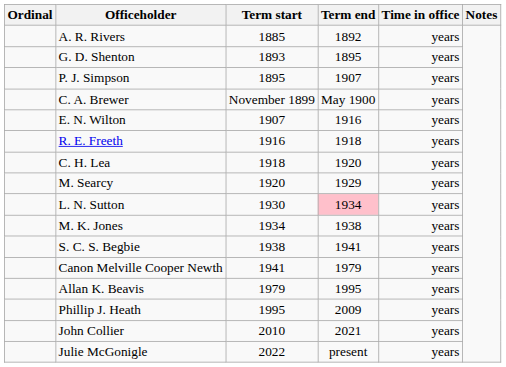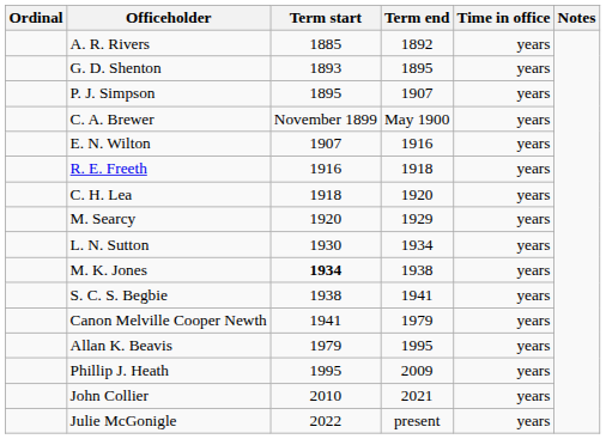 <table class="wikitable sortable">
 <tr>
 <th>Ordinal</th>
 <th>Officeholder</th>
 <th>Term start</th>
 <th>Term end</th>
 <th>Time in office</th>
 <th>Notes</th>
 </tr>
 <tr>
 <td align=center></td>
 <td>A. R. Rivers</td>
 <td align=center>1885</td>
 <td align=center>1892</td>
 <td align=right> years</td>
 <td rowspan="22"></td>
 </tr>
 <tr>
 <td align=center></td>
 <td>G. D. Shenton</td>
 <td align=center>1893</td>
 <td align=center>1895</td>
 <td align=right> years</td>
 </tr>
 <tr>
 <td align=center></td>
 <td>P. J. Simpson</td>
 <td align=center>1895</td>
 <td align=center>1907</td>
 <td align=right> years</td>
 </tr>
 <tr>
 <td align=center></td>
 <td>C. A. Brewer</td>
 <td align=center>November 1899</td>
 <td align=center>May 1900</td>
 <td align=right> years</td>
 </tr>
 <tr>
 <td align=center></td>
 <td>E. N. Wilton</td>
 <td align=center>1907</td>
 <td align=center>1916</td>
 <td align=right> years</td>
 </tr>
 <tr>
 <td align=center></td>
 <td><a href='#'>R. E. Freeth</a></td>
 <td align=center>1916</td>
 <td align=center>1918</td>
 <td align=right> years</td>
 </tr>
 <tr>
 <td align=center></td>
 <td>C. H. Lea</td>
 <td align=center>1918</td>
 <td align=center>1920</td>
 <td align=right> years</td>
 </tr>
 <tr>
 <td align=center></td>
 <td>M. Searcy</td>
 <td align=center>1920</td>
 <td align=center>1929</td>
 <td align=right> years</td>
 </tr>
 <tr>
 <td align=center></td>
 <td>L. N. Sutton</td>
 <td align=center>1930</td>
-<td align=center style="background: pink;">1934</td>
+<td align=center>1934</td>
 <td align=right> years</td>
 </tr>
 <tr>
 <td align=center></td>
 <td>M. K. Jones</td>
-<td align=center>1934</td>
+<td align=center><strong>1934</strong></td>
 <td align=center>1938</td>
 <td align=right> years</td>
 </tr>
 <tr>
 <td align=center></td>
 <td>S. C. S. Begbie</td>
 <td align=center>1938</td>
 <td align=center>1941</td>
 <td align=right> years</td>
 </tr>
 <tr>
 <td align=center></td>
 <td>Canon Melville Cooper Newth </td>
 <td align=center>1941</td>
 <td align=center>1979</td>
 <td align=right> years</td>
 </tr>
 <tr>
 <td align=center></td>
 <td>Allan K. Beavis</td>
 <td align=center>1979</td>
 <td align=center>1995</td>
 <td align=right> years</td>
 </tr>
 <tr>
 <td align=center></td>
 <td>Phillip J. Heath</td>
 <td align=center>1995</td>
 <td align=center>2009</td>
 <td align=right> years</td>
 </tr>
 <tr>
 <td align=center></td>
 <td>John Collier</td>
 <td align=center>2010</td>
 <td align=center>2021</td>
 <td align=right> years</td>
 </tr>
 <tr>
 <td align=center></td>
 <td>Julie McGonigle</td>
 <td align=center>2022</td>
 <td align=center>present</td>
 <td align=right> years</td>
 </tr>
 </table>
